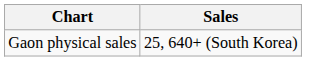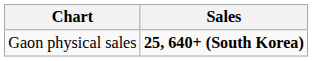 <table class="wikitable">
 <tr>
 <th>Chart</th>
 <th>Sales</th>
 </tr>
 <tr>
 <td>Gaon physical sales</td>
-<td align="center">25, 640+ (South Korea)</td>
+<td align="center"><strong>25, 640+ (South Korea)</strong></td>
 </tr>
 </table>
